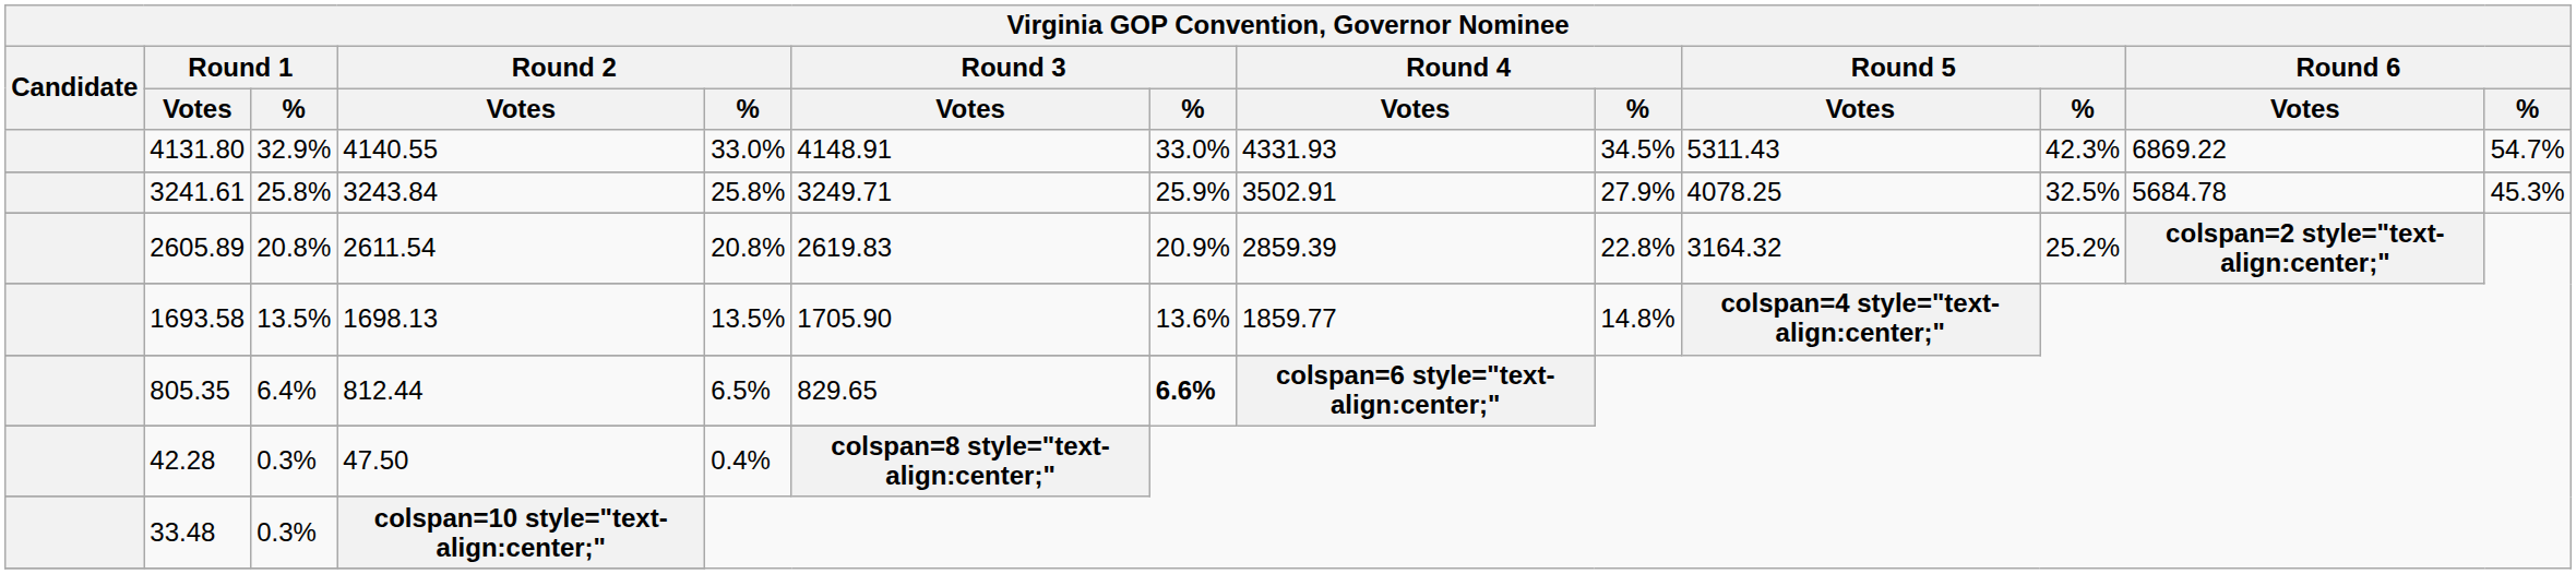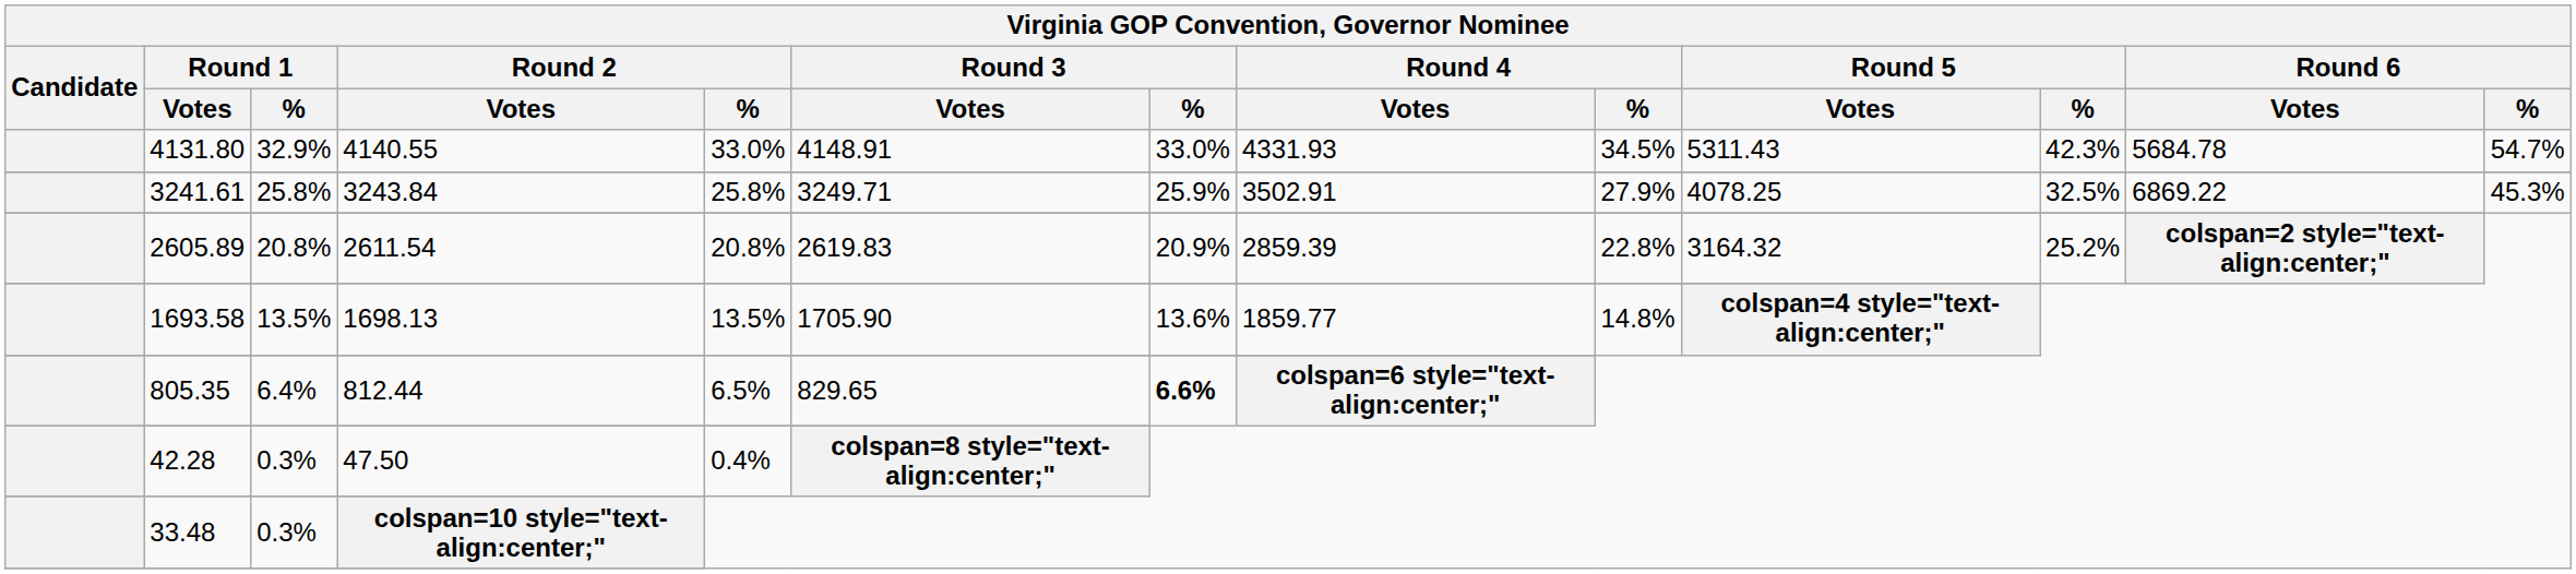 <table class="wikitable sortable">
 <tr>
 <th colspan=" 13 ">Virginia GOP Convention, Governor Nominee</th>
 </tr>
 <tr style="background:#eee; text-align:center;">
 <th rowspan=2 style="text-align:center;">Candidate</th>
 <th colspan=2 style="text-align:center;">Round 1</th>
 <th colspan=2 style="text-align:center;">Round 2</th>
 <th colspan=2 style="text-align:center;">Round 3</th>
 <th colspan=2 style="text-align:center;">Round 4</th>
 <th colspan=2 style="text-align:center;">Round 5</th>
 <th colspan=2 style="text-align:center;">Round 6</th>
 </tr>
 <tr>
 <th>Votes</th>
 <th>%</th>
 <th>Votes</th>
 <th>%</th>
 <th>Votes</th>
 <th>%</th>
 <th>Votes</th>
 <th>%</th>
 <th>Votes</th>
 <th>%</th>
 <th>Votes</th>
 <th>%</th>
 </tr>
 <tr>
 <th scope="row" style="text-align:left;"></th>
 <td>4131.80</td>
 <td>32.9%</td>
 <td>4140.55</td>
 <td>33.0%</td>
 <td>4148.91</td>
 <td>33.0%</td>
 <td>4331.93</td>
 <td>34.5%</td>
 <td>5311.43</td>
 <td>42.3%</td>
-<td> 6869.22</td>
+<td>5684.78</td>
 <td> 54.7%</td>
 </tr>
 <tr>
 </tr>
 <tr>
 <th scope="row" style="text-align:left;"></th>
 <td>3241.61</td>
 <td>25.8%</td>
 <td>3243.84</td>
 <td>25.8%</td>
 <td>3249.71</td>
 <td>25.9%</td>
 <td>3502.91</td>
 <td>27.9%</td>
 <td>4078.25</td>
 <td>32.5%</td>
-<td>5684.78</td>
+<td> 6869.22</td>
 <td>45.3%</td>
 </tr>
 <tr>
 </tr>
 <tr>
 <th scope="row" style="text-align:left;"></th>
 <td>2605.89</td>
 <td>20.8%</td>
 <td>2611.54</td>
 <td>20.8%</td>
 <td>2619.83</td>
 <td>20.9%</td>
 <td>2859.39</td>
 <td>22.8%</td>
 <td>3164.32</td>
 <td>25.2%</td>
 <th>colspan=2 style="text-align:center;" </th>
 </tr>
 <tr>
 </tr>
 <tr>
 <th scope="row" style="text-align:left;"></th>
 <td>1693.58</td>
 <td>13.5%</td>
 <td>1698.13</td>
 <td>13.5%</td>
 <td>1705.90</td>
 <td>13.6%</td>
 <td>1859.77</td>
 <td>14.8%</td>
 <th>colspan=4 style="text-align:center;" </th>
 </tr>
 <tr>
 </tr>
 <tr>
 <th scope="row" style="text-align:left;"></th>
 <td>805.35</td>
 <td>6.4%</td>
 <td>812.44</td>
 <td>6.5%</td>
 <td>829.65</td>
 <td><strong>6.6%</strong></td>
 <th>colspan=6 style="text-align:center;" </th>
 </tr>
 <tr>
 </tr>
 <tr>
 <th scope="row" style="text-align:left;"></th>
 <td>42.28</td>
 <td>0.3%</td>
 <td>47.50</td>
 <td>0.4%</td>
 <th>colspan=8 style="text-align:center;" </th>
 </tr>
 <tr>
 </tr>
 <tr>
 <th scope="row" style="text-align:left;"></th>
 <td>33.48</td>
 <td>0.3%</td>
 <th>colspan=10 style="text-align:center;" </th>
 </tr>
 <tr>
 </tr>
 </table>
